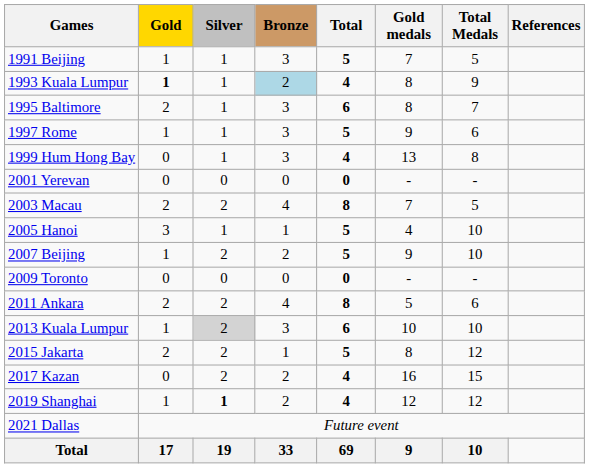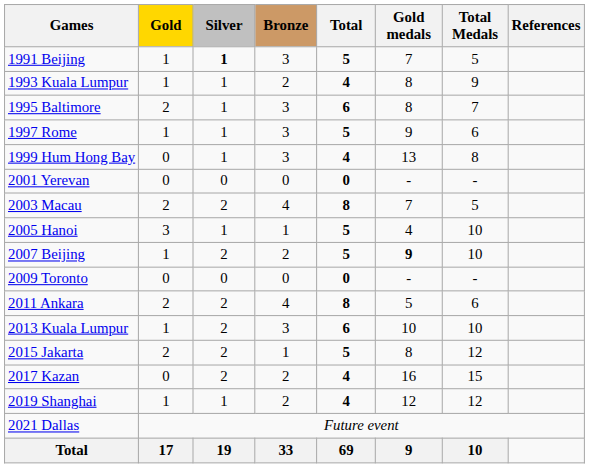 <table class="wikitable" style="text-align:center; font-size:90%;">
 <tr>
 <th>Games</th>
 <td style="background:gold; width:3.2em; font-weight:bold;">Gold</td>
 <td style="background:silver; width:3.7em; font-weight:bold;">Silver</td>
 <td style="background:#c96; width:3.7em; font-weight:bold;">Bronze</td>
 <th style="width:3.5em; font-weight:bold;">Total</th>
 <th style="width:4em; font-weight:bold;">Gold medals</th>
 <th style="width:4em; font-weight:bold;">Total Medals</th>
 <th style="width:4em">References</th>
 </tr>
 <tr>
 <td align=left><a href='#'>1991 Beijing</a></td>
 <td>1</td>
-<td>1</td>
+<td><strong>1</strong></td>
 <td>3</td>
 <td><strong>5</strong></td>
 <td>7</td>
 <td>5</td>
 <td></td>
 </tr>
 <tr>
 <td align=left><a href='#'>1993 Kuala Lumpur</a></td>
-<td><strong>1</strong></td>
 <td>1</td>
-<td style="background: lightblue;">2</td>
+<td>1</td>
+<td>2</td>
 <td><strong>4</strong></td>
 <td>8</td>
 <td>9</td>
 <td></td>
 </tr>
 <tr>
 <td align=left><a href='#'>1995 Baltimore</a></td>
 <td>2</td>
 <td>1</td>
 <td>3</td>
 <td><strong>6</strong></td>
 <td>8</td>
 <td>7</td>
 <td></td>
 </tr>
 <tr>
 <td align=left><a href='#'>1997 Rome</a></td>
 <td>1</td>
 <td>1</td>
 <td>3</td>
 <td><strong>5</strong></td>
 <td>9</td>
 <td>6</td>
 <td></td>
 </tr>
 <tr>
 <td align=left><a href='#'>1999 Hum Hong Bay</a></td>
 <td>0</td>
 <td>1</td>
 <td>3</td>
 <td><strong>4</strong></td>
 <td>13</td>
 <td>8</td>
 <td></td>
 </tr>
 <tr>
 <td align=left><a href='#'>2001 Yerevan</a></td>
 <td>0</td>
 <td>0</td>
 <td>0</td>
 <td><strong>0</strong></td>
 <td>-</td>
 <td>-</td>
 <td></td>
 </tr>
 <tr>
 <td align=left><a href='#'>2003 Macau</a></td>
 <td>2</td>
 <td>2</td>
 <td>4</td>
 <td><strong>8</strong></td>
 <td>7</td>
 <td>5</td>
 <td></td>
 </tr>
 <tr>
 <td align=left><a href='#'>2005 Hanoi</a></td>
 <td>3</td>
 <td>1</td>
 <td>1</td>
 <td><strong>5</strong></td>
 <td>4</td>
 <td>10</td>
 <td></td>
 </tr>
 <tr>
 <td align=left><a href='#'>2007 Beijing</a></td>
 <td>1</td>
 <td>2</td>
 <td>2</td>
 <td><strong>5</strong></td>
-<td>9</td>
+<td><strong>9</strong></td>
 <td>10</td>
 <td></td>
 </tr>
 <tr>
 <td align=left><a href='#'>2009 Toronto</a></td>
 <td>0</td>
 <td>0</td>
 <td>0</td>
 <td><strong>0</strong></td>
 <td>-</td>
 <td>-</td>
 <td></td>
 </tr>
 <tr>
 <td align=left><a href='#'>2011 Ankara</a></td>
 <td>2</td>
 <td>2</td>
 <td>4</td>
 <td><strong>8</strong></td>
 <td>5</td>
 <td>6</td>
 <td></td>
 </tr>
 <tr>
 <td align=left><a href='#'>2013 Kuala Lumpur</a></td>
 <td>1</td>
-<td style="background: lightgrey;">2</td>
+<td>2</td>
 <td>3</td>
 <td><strong>6</strong></td>
 <td>10</td>
 <td>10</td>
 <td></td>
 </tr>
 <tr>
 <td align=left><a href='#'>2015 Jakarta</a></td>
 <td>2</td>
 <td>2</td>
 <td>1</td>
 <td><strong>5</strong></td>
 <td>8</td>
 <td>12</td>
 <td></td>
 </tr>
 <tr>
 <td align=left><a href='#'>2017 Kazan</a></td>
 <td>0</td>
 <td>2</td>
 <td>2</td>
 <td><strong>4</strong></td>
 <td>16</td>
 <td>15</td>
 <td></td>
 </tr>
 <tr>
 <td align=left><a href='#'>2019 Shanghai</a></td>
 <td>1</td>
-<td><strong>1</strong></td>
+<td>1</td>
 <td>2</td>
 <td><strong>4</strong></td>
 <td>12</td>
 <td>12</td>
 <td></td>
 </tr>
 <tr>
 <td align=left><a href='#'>2021 Dallas</a></td>
 <td colspan="8;"><em>Future event</em></td>
 </tr>
 <tr>
 <th>Total</th>
 <th>17</th>
 <th>19</th>
 <th>33</th>
 <th>69</th>
 <th>9</th>
 <th>10</th>
 </tr>
 </table>
